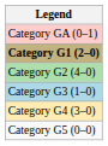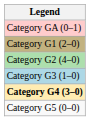 <table class=wikitable style=font-size:85%;>
 <tr>
 <th>Legend</th>
 </tr>
 <tr style="background:#fcc;">
 <td>Category GA (0–1)</td>
 </tr>
 <tr style="background:#c2b280;">
-<td><strong>Category G1 (2–0)</strong></td>
+<td>Category G1 (2–0)</td>
 </tr>
 <tr style="background:#addfad;">
 <td>Category G2 (4–0)</td>
 </tr>
 <tr style="background:lightblue;">
 <td>Category G3 (1–0)</td>
 </tr>
 <tr style="background:#ffecb2;">
-<td>Category G4 (3–0)</td>
+<td><strong>Category G4 (3–0)</strong></td>
 </tr>
 <tr>
 <td>Category G5 (0–0)</td>
 </tr>
 </table>
